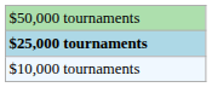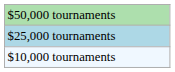 <table class="wikitable" style="font-size:85%;" width=14%>
 <tr style="background:#addfad;">
 <td>$50,000 tournaments</td>
 </tr>
 <tr style="background:lightblue;">
-<td><strong>$25,000 tournaments</strong></td>
+<td>$25,000 tournaments</td>
 </tr>
 <tr style="background:#f0f8ff;">
 <td>$10,000 tournaments</td>
 </tr>
 </table>
